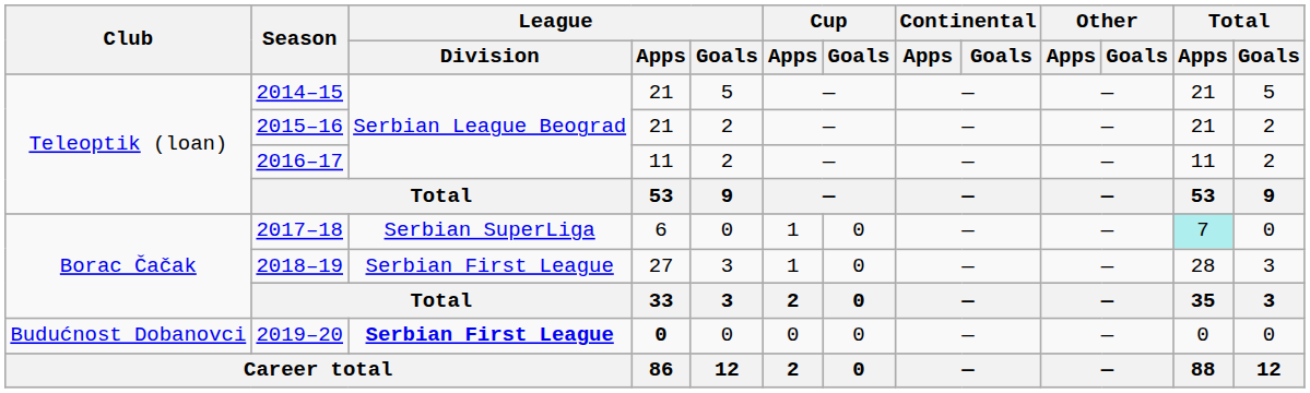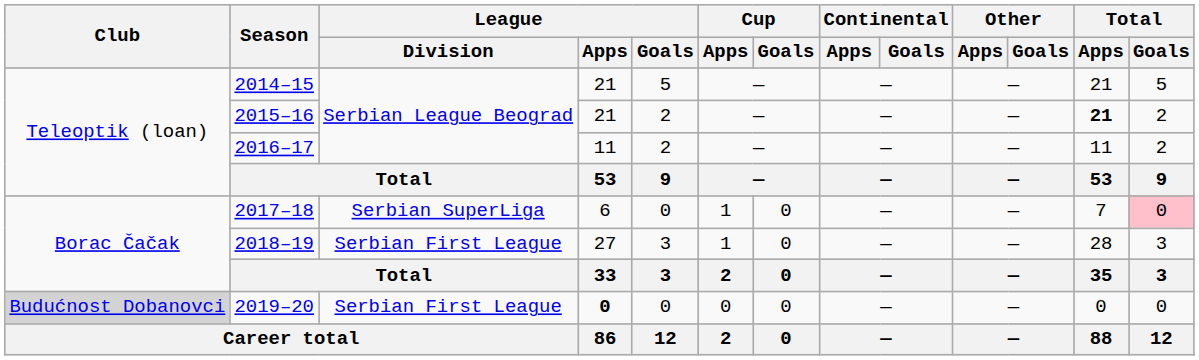 <table class="wikitable" style="text-align: center;font-size:90%">
 <tr>
 <th rowspan="2">Club</th>
 <th rowspan="2">Season</th>
 <th colspan="3">League</th>
 <th colspan="2">Cup</th>
 <th colspan="2">Continental</th>
 <th colspan="2">Other</th>
 <th colspan="2">Total</th>
 </tr>
 <tr>
 <th>Division</th>
 <th>Apps</th>
 <th>Goals</th>
 <th>Apps</th>
 <th>Goals</th>
 <th>Apps</th>
 <th>Goals</th>
 <th>Apps</th>
 <th>Goals</th>
 <th>Apps</th>
 <th>Goals</th>
 </tr>
 <tr>
 <td rowspan="4" valign="center"><a href='#'>Teleoptik</a> (loan)</td>
 <td><a href='#'>2014–15</a></td>
 <td rowspan="3" valign="center"><a href='#'>Serbian League Beograd</a></td>
 <td>21</td>
 <td>5</td>
 <td colspan="2">—</td>
 <td colspan="2">—</td>
 <td colspan="2">—</td>
 <td>21</td>
 <td>5</td>
 </tr>
 <tr>
 <td><a href='#'>2015–16</a></td>
 <td>21</td>
 <td>2</td>
 <td colspan="2">—</td>
 <td colspan="2">—</td>
 <td colspan="2">—</td>
-<td>21</td>
+<td><strong>21</strong></td>
 <td>2</td>
 </tr>
 <tr>
 <td><a href='#'>2016–17</a></td>
 <td>11</td>
 <td>2</td>
 <td colspan="2">—</td>
 <td colspan="2">—</td>
 <td colspan="2">—</td>
 <td>11</td>
 <td>2</td>
 </tr>
 <tr>
 <th colspan="2">Total</th>
 <th>53</th>
 <th>9</th>
 <th colspan="2">—</th>
 <th colspan="2">—</th>
 <th colspan="2">—</th>
 <th>53</th>
 <th>9</th>
 </tr>
 <tr>
 <td rowspan="3" valign="center"><a href='#'>Borac Čačak</a></td>
 <td><a href='#'>2017–18</a></td>
 <td><a href='#'>Serbian SuperLiga</a></td>
 <td>6</td>
 <td>0</td>
 <td>1</td>
 <td>0</td>
 <td colspan="2">—</td>
 <td colspan="2">—</td>
-<td style="background: paleturquoise;">7</td>
-<td>0</td>
+<td>7</td>
+<td style="background: pink;">0</td>
 </tr>
 <tr>
 <td><a href='#'>2018–19</a></td>
 <td><a href='#'>Serbian First League</a></td>
 <td>27</td>
 <td>3</td>
 <td>1</td>
 <td>0</td>
 <td colspan="2">—</td>
 <td colspan="2">—</td>
 <td>28</td>
 <td>3</td>
 </tr>
 <tr>
 <th colspan="2">Total</th>
 <th>33</th>
 <th>3</th>
 <th>2</th>
 <th>0</th>
 <th colspan="2">—</th>
 <th colspan="2">—</th>
 <th>35</th>
 <th>3</th>
 </tr>
 <tr>
-<td><a href='#'>Budućnost Dobanovci</a></td>
+<td style="background: lightgrey;"><a href='#'>Budućnost Dobanovci</a></td>
 <td><a href='#'>2019–20</a></td>
-<td><strong><a href='#'>Serbian First League</a></strong></td>
+<td><a href='#'>Serbian First League</a></td>
 <td><strong>0</strong></td>
 <td>0</td>
 <td>0</td>
 <td>0</td>
 <td colspan="2">—</td>
 <td colspan="2">—</td>
 <td>0</td>
 <td>0</td>
 </tr>
 <tr>
 <th colspan="3">Career total</th>
 <th>86</th>
 <th>12</th>
 <th>2</th>
 <th>0</th>
 <th colspan="2">—</th>
 <th colspan="2">—</th>
 <th>88</th>
 <th>12</th>
 </tr>
 </table>
